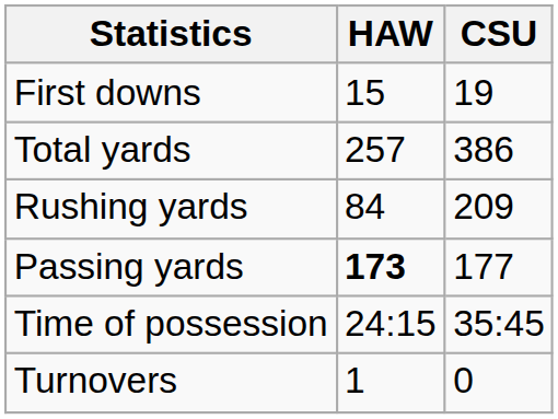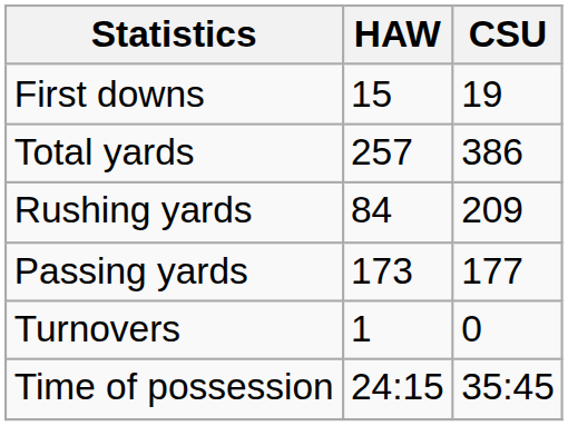 <table class="wikitable">
 <tr>
 <th>Statistics</th>
 <th>HAW</th>
 <th>CSU</th>
 </tr>
 <tr>
 <td>First downs</td>
 <td>15</td>
 <td>19</td>
 </tr>
 <tr>
 <td>Total yards</td>
 <td>257</td>
 <td>386</td>
 </tr>
 <tr>
 <td>Rushing yards</td>
 <td>84</td>
 <td>209</td>
 </tr>
 <tr>
 <td>Passing yards</td>
-<td><strong>173</strong></td>
+<td>173</td>
 <td>177</td>
+</tr>
+<tr>
+<td>Turnovers</td>
+<td>1</td>
+<td>0</td>
 </tr>
 <tr>
 <td>Time of possession</td>
 <td>24:15</td>
 <td>35:45</td>
 </tr>
 <tr>
-<td>Turnovers</td>
-<td>1</td>
-<td>0</td>
-</tr>
-<tr>
 </tr>
 </table>
